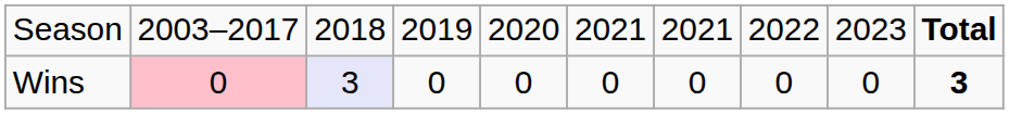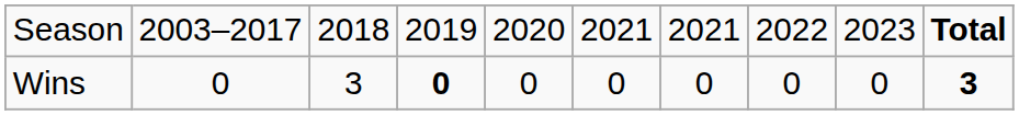 <table class="wikitable">
 <tr>
 <td>Season</td>
 <td>2003–2017</td>
 <td>2018</td>
 <td>2019</td>
 <td>2020</td>
 <td>2021</td>
 <td>2021</td>
 <td>2022</td>
 <td>2023</td>
 <td><strong>Total</strong></td>
 </tr>
 <tr align=center>
 <td align=left>Wins</td>
-<td style="background: pink;">0</td>
-<td style="background: lavender;">3</td>
 <td>0</td>
+<td>3</td>
+<td><strong>0</strong></td>
 <td>0</td>
 <td>0</td>
 <td>0</td>
 <td>0</td>
 <td>0</td>
 <td><strong>3</strong></td>
 </tr>
 </table>
